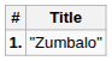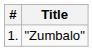 <table class="wikitable">
 <tr>
 <th>#</th>
 <th>Title</th>
 </tr>
 <tr>
-<td><strong>1.</strong></td>
+<td>1.</td>
 <td>"Zumbalo"</td>
 </tr>
 </table>
